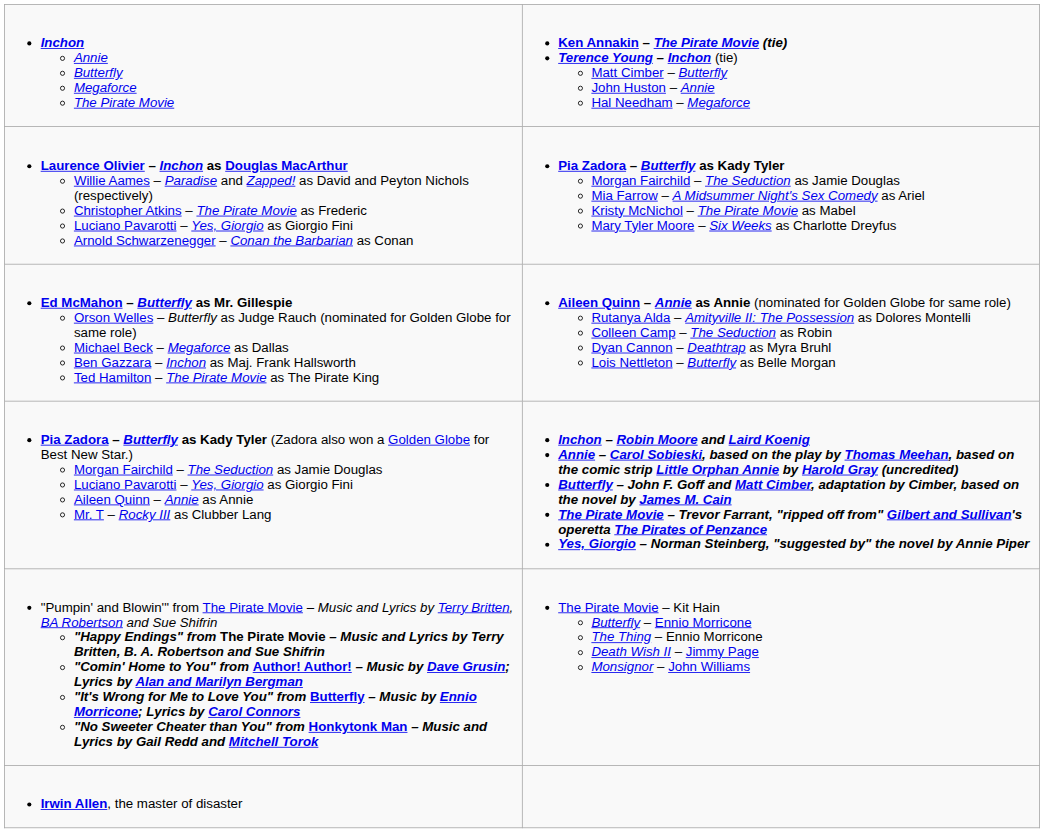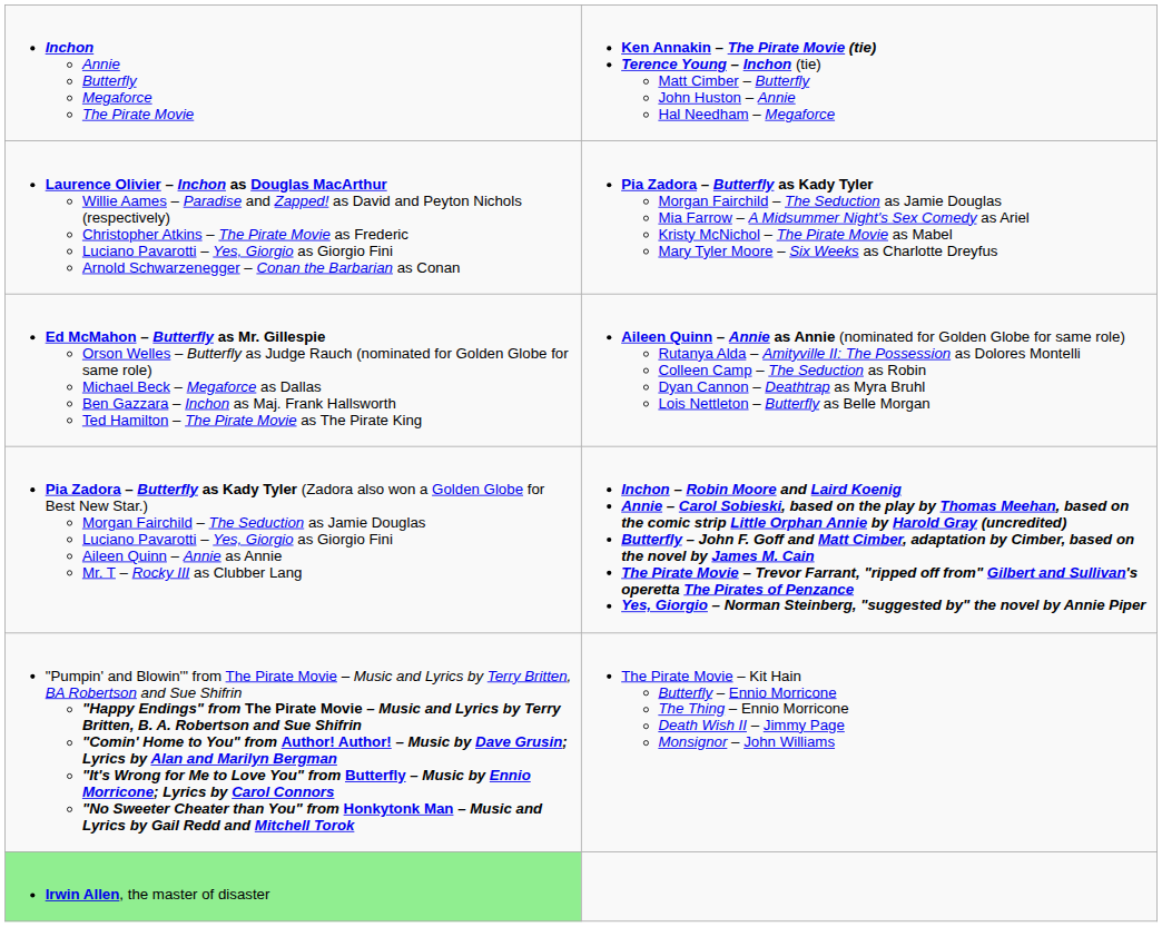 <table class=wikitable>
 <tr>
 <td valign="top" width="50%"><br><ul><li><strong><em><a href='#'>Inchon</a></em></strong><ul><li><em><a href='#'>Annie</a></em></li><li><em><a href='#'>Butterfly</a></em></li><li><em><a href='#'>Megaforce</a></em></li><li><em><a href='#'>The Pirate Movie</a></em></li></ul></li></ul></td>
 <td valign="top" width="50%"><br><ul><li><strong><a href='#'>Ken Annakin</a> – <em><a href='#'>The Pirate Movie</a><strong><em> (tie)</li><li></strong><a href='#'>Terence Young</a> – </em><a href='#'>Inchon</a></em></strong> (tie)<ul><li><a href='#'>Matt Cimber</a> – <em><a href='#'>Butterfly</a></em></li><li><a href='#'>John Huston</a> – <em><a href='#'>Annie</a></em></li><li><a href='#'>Hal Needham</a> – <em><a href='#'>Megaforce</a></em></li></ul></li></ul></td>
 </tr>
 <tr>
 <td valign="top" width="50%"><br><ul><li><strong><a href='#'>Laurence Olivier</a> – <em><a href='#'>Inchon</a></em> as <a href='#'>Douglas MacArthur</a></strong><ul><li><a href='#'>Willie Aames</a> – <em><a href='#'>Paradise</a></em> and <em><a href='#'>Zapped!</a> </em>as David and Peyton Nichols (respectively)</li><li><a href='#'>Christopher Atkins</a> – <em><a href='#'>The Pirate Movie</a></em> as Frederic</li><li><a href='#'>Luciano Pavarotti</a> – <em><a href='#'>Yes, Giorgio</a></em> as Giorgio Fini</li><li><a href='#'>Arnold Schwarzenegger</a> – <em><a href='#'>Conan the Barbarian</a> </em>as Conan</li></ul></li></ul></td>
 <td valign="top" width="50%"><br><ul><li><strong><a href='#'>Pia Zadora</a> – <em><a href='#'>Butterfly</a></em> as Kady Tyler</strong><ul><li><a href='#'>Morgan Fairchild</a> – <em><a href='#'>The Seduction</a></em> as Jamie Douglas</li><li><a href='#'>Mia Farrow</a> – <em><a href='#'>A Midsummer Night's Sex Comedy</a></em> as Ariel</li><li><a href='#'>Kristy McNichol</a> – <em><a href='#'>The Pirate Movie</a></em> as Mabel</li><li><a href='#'>Mary Tyler Moore</a> – <em><a href='#'>Six Weeks</a></em> as Charlotte Dreyfus</li></ul></li></ul></td>
 </tr>
 <tr>
 <td valign="top" width="50%"><br><ul><li><strong><a href='#'>Ed McMahon</a> – <em><a href='#'>Butterfly</a></em> as Mr. Gillespie</strong><ul><li><a href='#'>Orson Welles</a> – <em>Butterfly</em> as Judge Rauch (nominated for Golden Globe for same role)</li><li><a href='#'>Michael Beck</a> – <em><a href='#'>Megaforce</a></em> as Dallas</li><li><a href='#'>Ben Gazzara</a> – <em><a href='#'>Inchon</a></em> as Maj. Frank Hallsworth</li><li><a href='#'>Ted Hamilton</a> – <em><a href='#'>The Pirate Movie</a></em> as The Pirate King</li></ul></li></ul></td>
 <td valign="top" width="50%"><br><ul><li><strong><a href='#'>Aileen Quinn</a> – <em><a href='#'>Annie</a></em> as Annie</strong> (nominated for Golden Globe for same role)<ul><li><a href='#'>Rutanya Alda</a> – <em><a href='#'>Amityville II: The Possession</a></em> as Dolores Montelli</li><li><a href='#'>Colleen Camp</a> – <em><a href='#'>The Seduction</a></em> as Robin</li><li><a href='#'>Dyan Cannon</a> – <em><a href='#'>Deathtrap</a></em> as Myra Bruhl</li><li><a href='#'>Lois Nettleton</a> – <em><a href='#'>Butterfly</a></em> as Belle Morgan</li></ul></li></ul></td>
 </tr>
 <tr>
 <td valign="top" width="50%"><br><ul><li><strong><a href='#'>Pia Zadora</a> – <em><a href='#'>Butterfly</a></em> as Kady Tyler</strong> (Zadora also won a <a href='#'>Golden Globe</a> for Best New Star.)<ul><li><a href='#'>Morgan Fairchild</a> – <em><a href='#'>The Seduction</a></em> as Jamie Douglas</li><li><a href='#'>Luciano Pavarotti</a> – <em><a href='#'>Yes, Giorgio</a></em> as Giorgio Fini</li><li><a href='#'>Aileen Quinn</a> – <em><a href='#'>Annie</a></em> as Annie</li><li><a href='#'>Mr. T</a> – <em><a href='#'>Rocky III</a></em> as Clubber Lang</li></ul></li></ul></td>
 <td valign="top" width="50%"><br><ul><li><strong><em><a href='#'>Inchon</a><em> – <a href='#'>Robin Moore</a> and <a href='#'>Laird Koenig</a><strong></li><li></em><a href='#'>Annie</a><em> – <a href='#'>Carol Sobieski</a>, based on the play by <a href='#'>Thomas Meehan</a>, based on the comic strip </em><a href='#'>Little Orphan Annie</a><em> by <a href='#'>Harold Gray</a> (uncredited)</li><li></em><a href='#'>Butterfly</a><em> – John F. Goff and <a href='#'>Matt Cimber</a>, adaptation by Cimber, based on the novel by <a href='#'>James M. Cain</a></li><li></em><a href='#'>The Pirate Movie</a><em> – Trevor Farrant, "ripped off from" <a href='#'>Gilbert and Sullivan</a>'s operetta </em><a href='#'>The Pirates of Penzance</a><em></li><li></em><a href='#'>Yes, Giorgio</a><em> – Norman Steinberg, "suggested by" the novel by Annie Piper</li></ul></td>
 </tr>
 <tr>
 <td valign="top" width="50%"><br><ul><li></strong>"Pumpin' and Blowin'" from </em><a href='#'>The Pirate Movie</a><em> – Music and Lyrics by <a href='#'>Terry Britten</a>, <a href='#'>BA Robertson</a> and Sue Shifrin<strong><ul><li>"Happy Endings" from </em>The Pirate Movie<em> – Music and Lyrics by Terry Britten, B. A. Robertson and Sue Shifrin</li><li>"Comin' Home to You" from </em><a href='#'>Author! Author!</a><em> – Music by <a href='#'>Dave Grusin</a>; Lyrics by <a href='#'>Alan and Marilyn Bergman</a></li><li>"It's Wrong for Me to Love You" from </em><a href='#'>Butterfly</a><em> – Music by <a href='#'>Ennio Morricone</a>; Lyrics by <a href='#'>Carol Connors</a></li><li>"No Sweeter Cheater than You" from </em><a href='#'>Honkytonk Man</a><em> – Music and Lyrics by Gail Redd and <a href='#'>Mitchell Torok</a></li></ul></li></ul></td>
 <td valign="top" width="50%"><br><ul><li></em></strong><a href='#'>The Pirate Movie</a></em> – Kit Hain</strong><ul><li><em><a href='#'>Butterfly</a></em> – <a href='#'>Ennio Morricone</a></li><li><em><a href='#'>The Thing</a></em> – Ennio Morricone</li><li><em><a href='#'>Death Wish II</a></em> – <a href='#'>Jimmy Page</a></li><li><em><a href='#'>Monsignor</a></em> – <a href='#'>John Williams</a></li></ul></li></ul></td>
 </tr>
 <tr>
-<td valign="top" width="50%"><br><ul><li><strong><a href='#'>Irwin Allen</a></strong>, the master of disaster</li></ul></td>
+<td valign="top" width="50%" style="background: lightgreen;"><br><ul><li><strong><a href='#'>Irwin Allen</a></strong>, the master of disaster</li></ul></td>
 </tr>
 </table>
